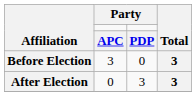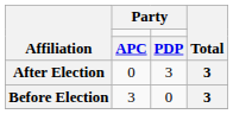 <table class=wikitable style="text-align:center">
 <tr style="vertical-align:bottom;">
 <th rowspan=3>Affiliation</th>
 <th colspan=2>Party</th>
 <th rowspan=3>Total</th>
 </tr>
 <tr>
 <td style="background-color:"></td>
 <td style="background-color:"></td>
 </tr>
 <tr>
 <th><a href='#'>APC</a></th>
 <th><a href='#'>PDP</a></th>
 </tr>
 <tr>
+<th>After Election</th>
+<td>0</td>
+<td>3</td>
+<th>3</th>
+</tr>
+<tr>
 <th>Before Election</th>
 <td>3</td>
 <td>0</td>
 <th>3</th>
 </tr>
 <tr>
-<th>After Election</th>
-<td>0</td>
-<td>3</td>
-<th>3</th>
-</tr>
-<tr>
 </tr>
 </table>
